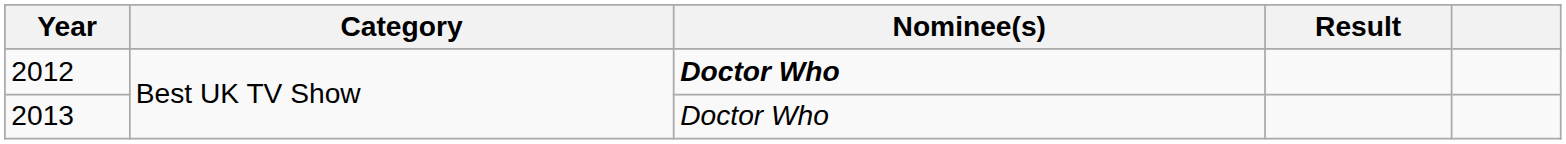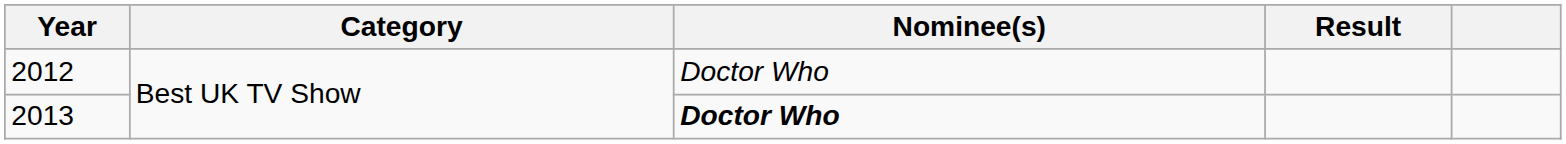 <table class="wikitable" style="width:70%">
 <tr>
 <th style="width:8%">Year</th>
 <th style="width:35%">Category</th>
 <th style="width:38%">Nominee(s)</th>
 <th style="width:12%">Result</th>
 <th style="width:7%"></th>
 </tr>
 <tr>
 <td>2012</td>
 <td rowspan="2">Best UK TV Show</td>
-<td><strong><em>Doctor Who</em></strong></td>
+<td><em>Doctor Who</em></td>
 <td></td>
 <td></td>
 </tr>
 <tr>
 <td>2013</td>
-<td><em>Doctor Who</em></td>
+<td><strong><em>Doctor Who</em></strong></td>
 <td></td>
 <td></td>
 </tr>
 </table>
